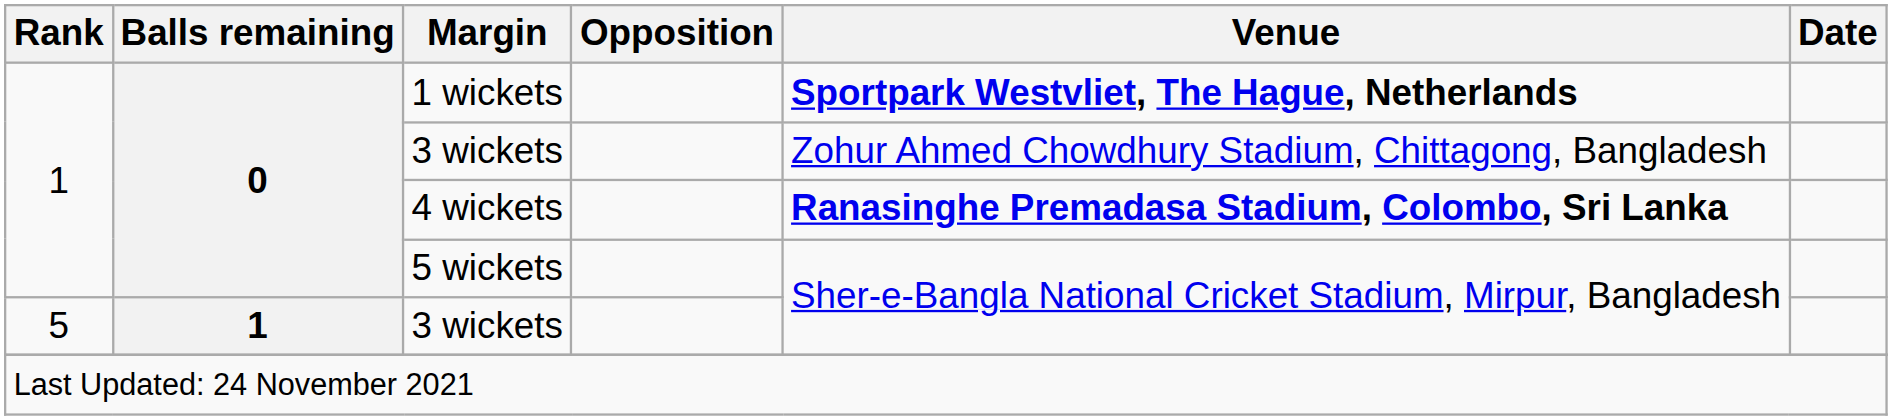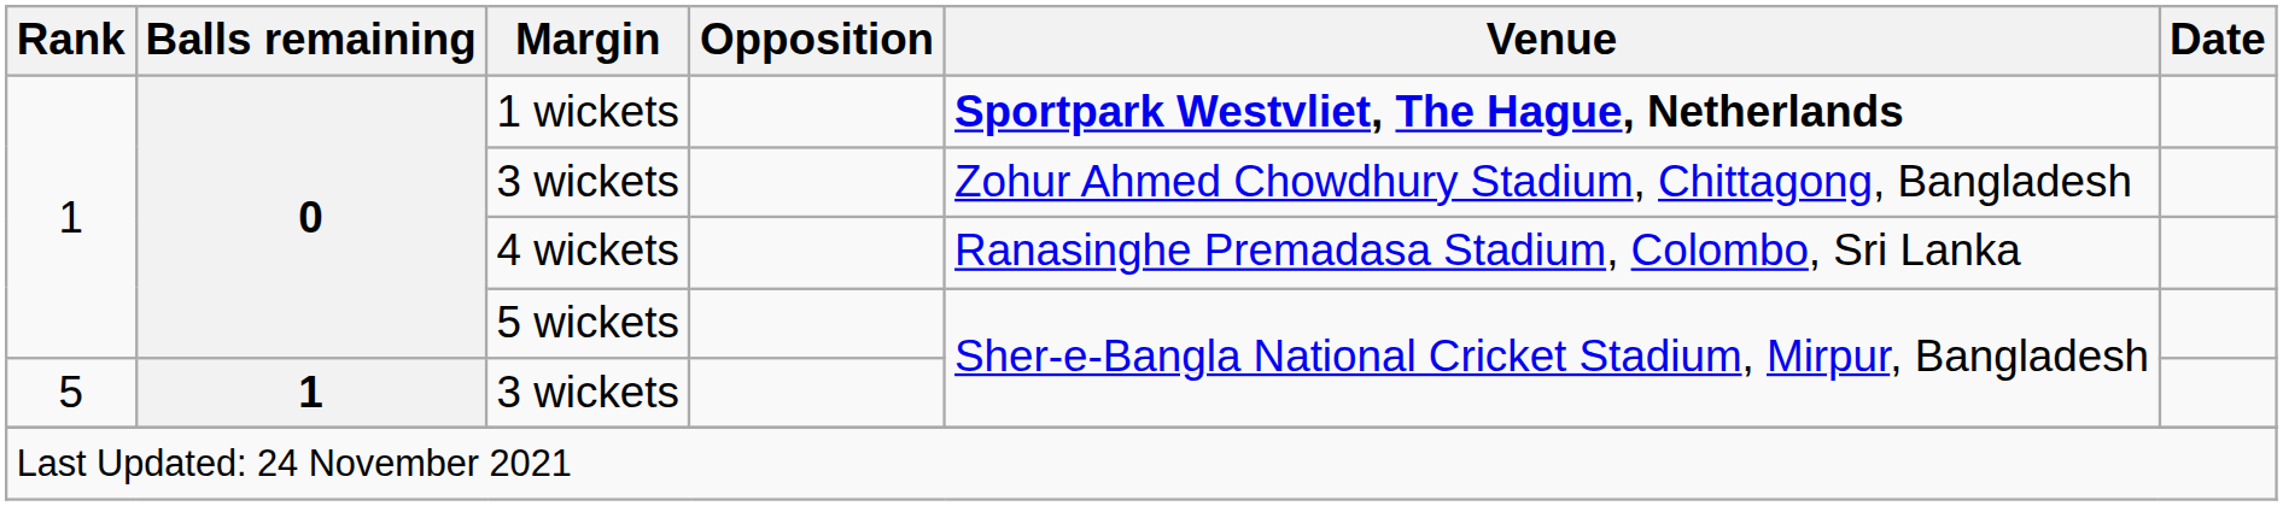 <table class="wikitable plainrowheaders sortable">
 <tr>
 <th scope=col>Rank</th>
 <th scope=col>Balls remaining</th>
 <th scope=col>Margin</th>
 <th scope=col>Opposition</th>
 <th scope=col>Venue</th>
 <th scope=col>Date</th>
 </tr>
 <tr>
 <td align=center rowspan=4>1</td>
 <th scope=row style=text-align:center rowspan=4>0</th>
 <td scope=row style=text-align:center;>1 wickets</td>
 <td></td>
 <td><strong><a href='#'>Sportpark Westvliet</a>, <a href='#'>The Hague</a>, Netherlands</strong></td>
 <td></td>
 </tr>
 <tr>
 <td scope=row style=text-align:center;>3 wickets</td>
 <td></td>
 <td><a href='#'>Zohur Ahmed Chowdhury Stadium</a>, <a href='#'>Chittagong</a>, Bangladesh</td>
 <td></td>
 </tr>
 <tr>
 <td scope=row style=text-align:center;>4 wickets</td>
 <td></td>
-<td><strong><a href='#'>Ranasinghe Premadasa Stadium</a>, <a href='#'>Colombo</a>, Sri Lanka</strong></td>
+<td><a href='#'>Ranasinghe Premadasa Stadium</a>, <a href='#'>Colombo</a>, Sri Lanka</td>
 <td></td>
 </tr>
 <tr>
 <td scope=row style=text-align:center;>5 wickets</td>
 <td></td>
 <td rowspan=2><a href='#'>Sher-e-Bangla National Cricket Stadium</a>, <a href='#'>Mirpur</a>, Bangladesh</td>
 <td></td>
 </tr>
 <tr>
 <td align=center>5</td>
 <th scope=row style=text-align:center>1</th>
 <td scope=row style=text-align:center;>3 wickets</td>
 <td></td>
 <td></td>
 </tr>
 <tr>
 </tr>
 <tr class=sortbottom>
 <td colspan=6><small>Last Updated: 24 November 2021</small></td>
 </tr>
 </table>
